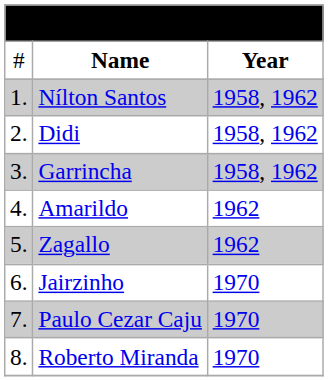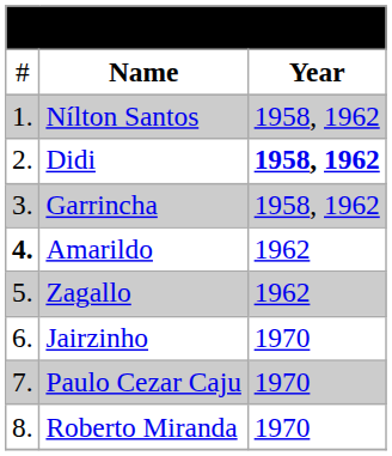 <table class="wikitable">
 <tr style="text-align:center; background:#000;">
 <td COLSPAN="14"><span><strong>World Cup Champions</strong></span></td>
 </tr>
 <tr style="text-align:center; background:#fff;">
 <td>#</td>
 <td><strong>Name</strong></td>
 <td><strong>Year</strong></td>
 </tr>
 <tr style="text-align:left; background:#ccc;">
 <td>1.</td>
 <td> <a href='#'>Nílton Santos</a></td>
 <td><a href='#'>1958</a>, <a href='#'>1962</a></td>
 </tr>
 <tr style="text-align:left; background:#fff;">
 <td>2.</td>
 <td> <a href='#'>Didi</a></td>
-<td><a href='#'>1958</a>, <a href='#'>1962</a></td>
+<td><strong><a href='#'>1958</a>, <a href='#'>1962</a></strong></td>
 </tr>
 <tr style="text-align:left; background:#ccc;">
 <td>3.</td>
 <td> <a href='#'>Garrincha</a></td>
 <td><a href='#'>1958</a>, <a href='#'>1962</a></td>
 </tr>
 <tr style="text-align:left; background:#fff;">
-<td>4.</td>
+<td><strong>4.</strong></td>
 <td> <a href='#'>Amarildo</a></td>
 <td><a href='#'>1962</a></td>
 </tr>
 <tr style="text-align:left; background:#ccc;">
 <td>5.</td>
 <td> <a href='#'>Zagallo</a></td>
 <td><a href='#'>1962</a></td>
 </tr>
 <tr style="text-align:left; background:#fff;">
 <td>6.</td>
 <td> <a href='#'>Jairzinho</a></td>
 <td><a href='#'>1970</a></td>
 </tr>
 <tr style="text-align:left; background:#ccc;">
 <td>7.</td>
 <td> <a href='#'>Paulo Cezar Caju</a></td>
 <td><a href='#'>1970</a></td>
 </tr>
 <tr style="text-align:left; background:#fff;">
 <td>8.</td>
 <td> <a href='#'>Roberto Miranda</a></td>
 <td><a href='#'>1970</a></td>
 </tr>
 <tr style="text-align:left; background:#cc;">
 </tr>
 </table>
